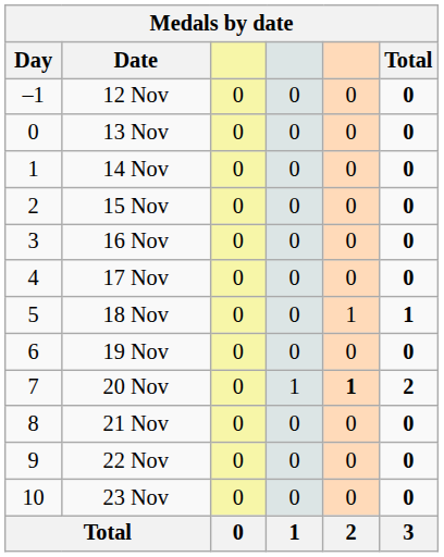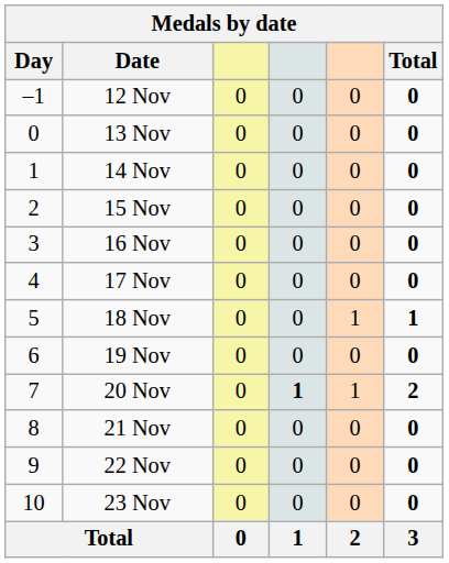 <table class="wikitable" style="font-size:90%; text-align:center;">
 <tr style="background:#efefef;">
 <th colspan=6><strong>Medals by date</strong></th>
 </tr>
 <tr>
 <th width=30><strong>Day</strong></th>
 <th width=90><strong>Date</strong></th>
 <th width=30 style="background:#F7F6A8;"></th>
 <th width=30 style="background:#DCE5E5;"></th>
 <th width=30 style="background:#FFDAB9;"></th>
 <th width=30><strong>Total</strong></th>
 </tr>
 <tr>
 <td>–1</td>
 <td>12 Nov</td>
 <td style="background:#F7F6A8;">0</td>
 <td style="background:#DCE5E5;">0</td>
 <td style="background:#FFDAB9;">0</td>
 <td><strong>0</strong></td>
 </tr>
 <tr>
 <td>0</td>
 <td>13 Nov</td>
 <td style="background:#F7F6A8;">0</td>
 <td style="background:#DCE5E5;">0</td>
 <td style="background:#FFDAB9;">0</td>
 <td><strong>0</strong></td>
 </tr>
 <tr>
 <td>1</td>
 <td>14 Nov</td>
 <td style="background:#F7F6A8;">0</td>
 <td style="background:#DCE5E5;">0</td>
 <td style="background:#FFDAB9;">0</td>
 <td><strong>0</strong></td>
 </tr>
 <tr>
 <td>2</td>
 <td>15 Nov</td>
 <td style="background:#F7F6A8;">0</td>
 <td style="background:#DCE5E5;">0</td>
 <td style="background:#FFDAB9;">0</td>
 <td><strong>0</strong></td>
 </tr>
 <tr>
 <td>3</td>
 <td>16 Nov</td>
 <td style="background:#F7F6A8;">0</td>
 <td style="background:#DCE5E5;">0</td>
 <td style="background:#FFDAB9;">0</td>
 <td><strong>0</strong></td>
 </tr>
 <tr>
 <td>4</td>
 <td>17 Nov</td>
 <td style="background:#F7F6A8;">0</td>
 <td style="background:#DCE5E5;">0</td>
 <td style="background:#FFDAB9;">0</td>
 <td><strong>0</strong></td>
 </tr>
 <tr>
 <td>5</td>
 <td>18 Nov</td>
 <td style="background:#F7F6A8;">0</td>
 <td style="background:#DCE5E5;">0</td>
 <td style="background:#FFDAB9;">1</td>
 <td><strong>1</strong></td>
 </tr>
 <tr>
 <td>6</td>
 <td>19 Nov</td>
 <td style="background:#F7F6A8;">0</td>
 <td style="background:#DCE5E5;">0</td>
 <td style="background:#FFDAB9;">0</td>
 <td><strong>0</strong></td>
 </tr>
 <tr>
 <td>7</td>
 <td>20 Nov</td>
 <td style="background:#F7F6A8;">0</td>
-<td style="background:#DCE5E5;">1</td>
-<td style="background:#FFDAB9;"><strong>1</strong></td>
+<td style="background:#DCE5E5;"><strong>1</strong></td>
+<td style="background:#FFDAB9;">1</td>
 <td><strong>2</strong></td>
 </tr>
 <tr>
 <td>8</td>
 <td>21 Nov</td>
 <td style="background:#F7F6A8;">0</td>
 <td style="background:#DCE5E5;">0</td>
 <td style="background:#FFDAB9;">0</td>
 <td><strong>0</strong></td>
 </tr>
 <tr>
 <td>9</td>
 <td>22 Nov</td>
 <td style="background:#F7F6A8;">0</td>
 <td style="background:#DCE5E5;">0</td>
 <td style="background:#FFDAB9;">0</td>
 <td><strong>0</strong></td>
 </tr>
 <tr>
 <td>10</td>
 <td>23 Nov</td>
 <td style="background:#F7F6A8;">0</td>
 <td style="background:#DCE5E5;">0</td>
 <td style="background:#FFDAB9;">0</td>
 <td><strong>0</strong></td>
 </tr>
 <tr>
 <th colspan="2"><strong>Total</strong></th>
 <th><strong>0</strong></th>
 <th><strong>1</strong></th>
 <th><strong>2</strong></th>
 <th><strong>3</strong></th>
 </tr>
 </table>
